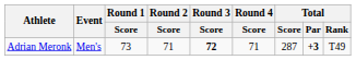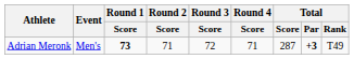 <table class=wikitable style=font-size:90%;text-align:center>
 <tr>
 <th rowspan=2>Athlete</th>
 <th rowspan=2>Event</th>
 <th>Round 1</th>
 <th>Round 2</th>
 <th>Round 3</th>
 <th>Round 4</th>
 <th colspan=3>Total</th>
 </tr>
 <tr style=font-size:95%>
 <th>Score</th>
 <th>Score</th>
 <th>Score</th>
 <th>Score</th>
 <th>Score</th>
 <th>Par</th>
 <th>Rank</th>
 </tr>
 <tr>
 <td align=left><a href='#'>Adrian Meronk</a></td>
 <td align=left><a href='#'>Men's</a></td>
-<td>73</td>
+<td><strong>73</strong></td>
 <td>71</td>
-<td><strong>72</strong></td>
+<td>72</td>
 <td>71</td>
 <td>287</td>
 <td><strong>+3</strong></td>
 <td>T49</td>
 </tr>
 </table>
